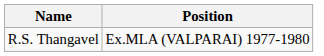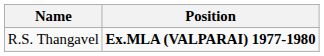 <table class="wikitable">
 <tr>
 <th>Name</th>
 <th>Position</th>
 </tr>
 <tr>
 <td>R.S. Thangavel</td>
-<td>Ex.MLA (VALPARAI) 1977-1980</td>
+<td><strong>Ex.MLA (VALPARAI) 1977-1980</strong></td>
 </tr>
 </table>
